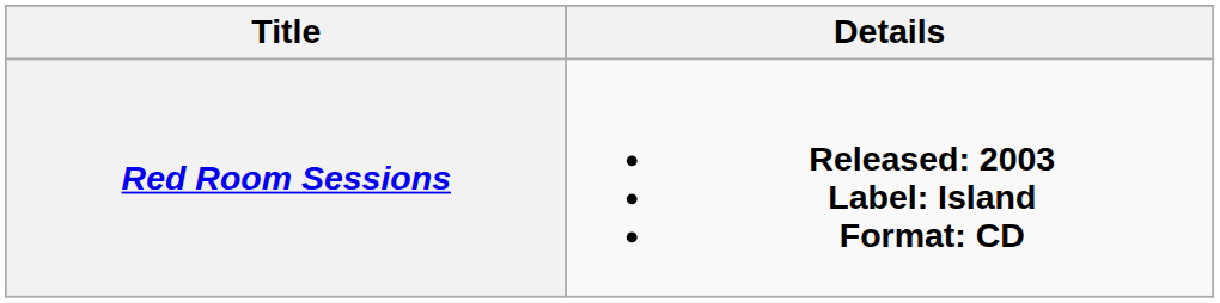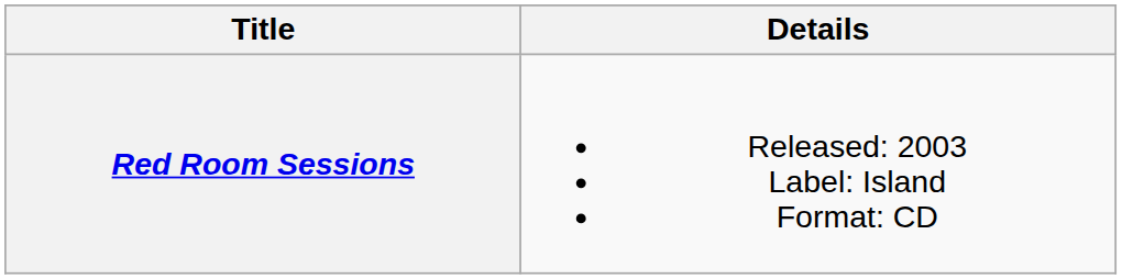 <table class="wikitable plainrowheaders" style="text-align:center;">
 <tr>
 <th scope="col" style="width:16em;">Title</th>
 <th scope="col" style="width:18.5em;">Details</th>
 </tr>
 <tr>
 <th scope="row"><em><a href='#'>Red Room Sessions</a></em></th>
-<td><strong><br><ul><li>Released: 2003</li><li>Label: Island</li><li>Format: CD</li></ul></strong></td>
+<td><br><ul><li>Released: 2003</li><li>Label: Island</li><li>Format: CD</li></ul></td>
 </tr>
 </table>
